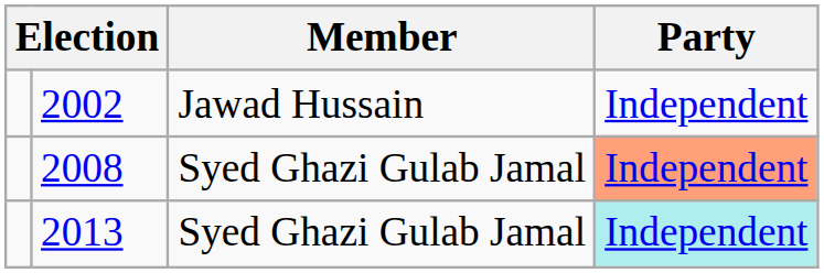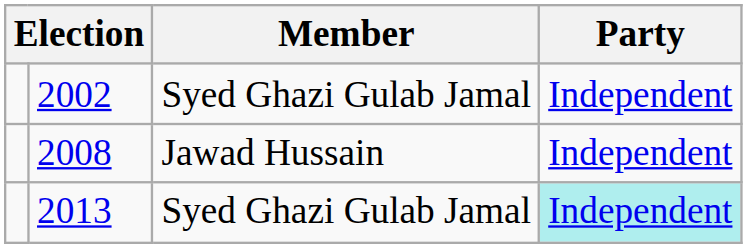 <table class="wikitable">
 <tr>
 <th colspan="2">Election</th>
 <th>Member</th>
 <th>Party</th>
 </tr>
 <tr>
 <td style="background-color: "></td>
 <td><a href='#'>2002</a></td>
-<td>Jawad Hussain</td>
+<td>Syed Ghazi Gulab Jamal</td>
 <td><a href='#'>Independent</a></td>
 </tr>
 <tr>
 <td style="background-color: "></td>
 <td><a href='#'>2008</a></td>
-<td>Syed Ghazi Gulab Jamal</td>
-<td style="background: lightsalmon;"><a href='#'>Independent</a></td>
+<td>Jawad Hussain</td>
+<td><a href='#'>Independent</a></td>
 </tr>
 <tr>
 <td style="background-color: "></td>
 <td><a href='#'>2013</a></td>
 <td>Syed Ghazi Gulab Jamal</td>
 <td style="background: paleturquoise;"><a href='#'>Independent</a></td>
 </tr>
 </table>
